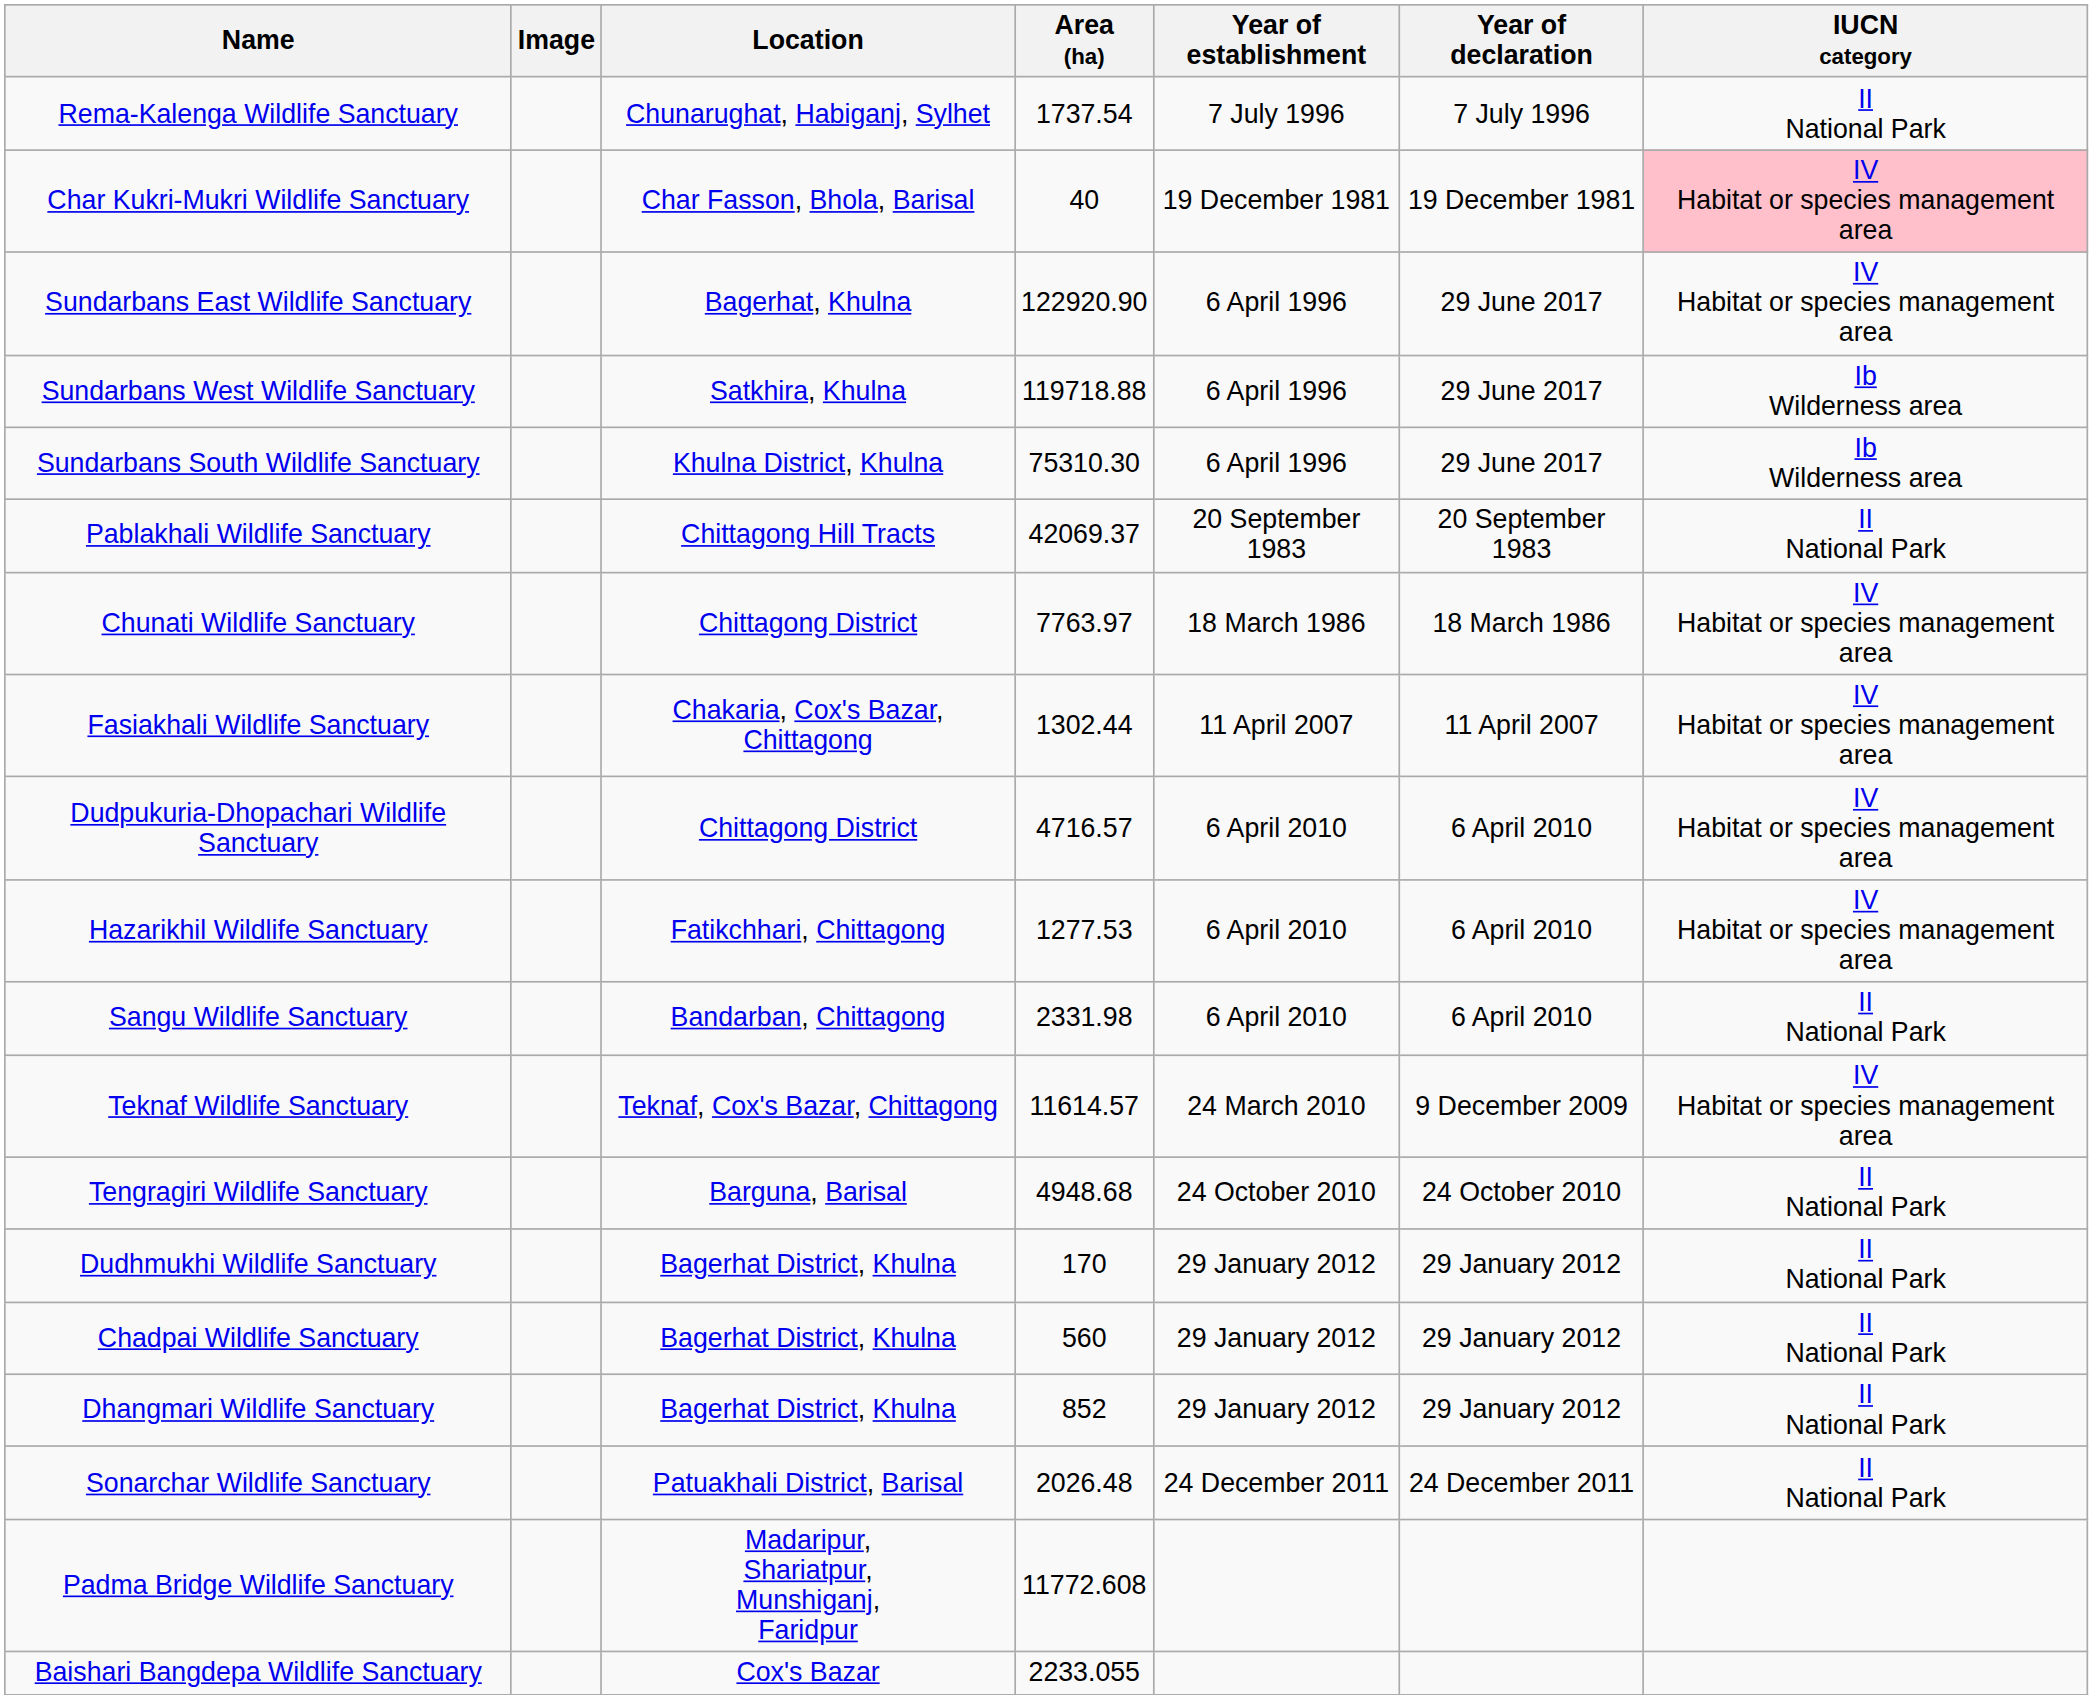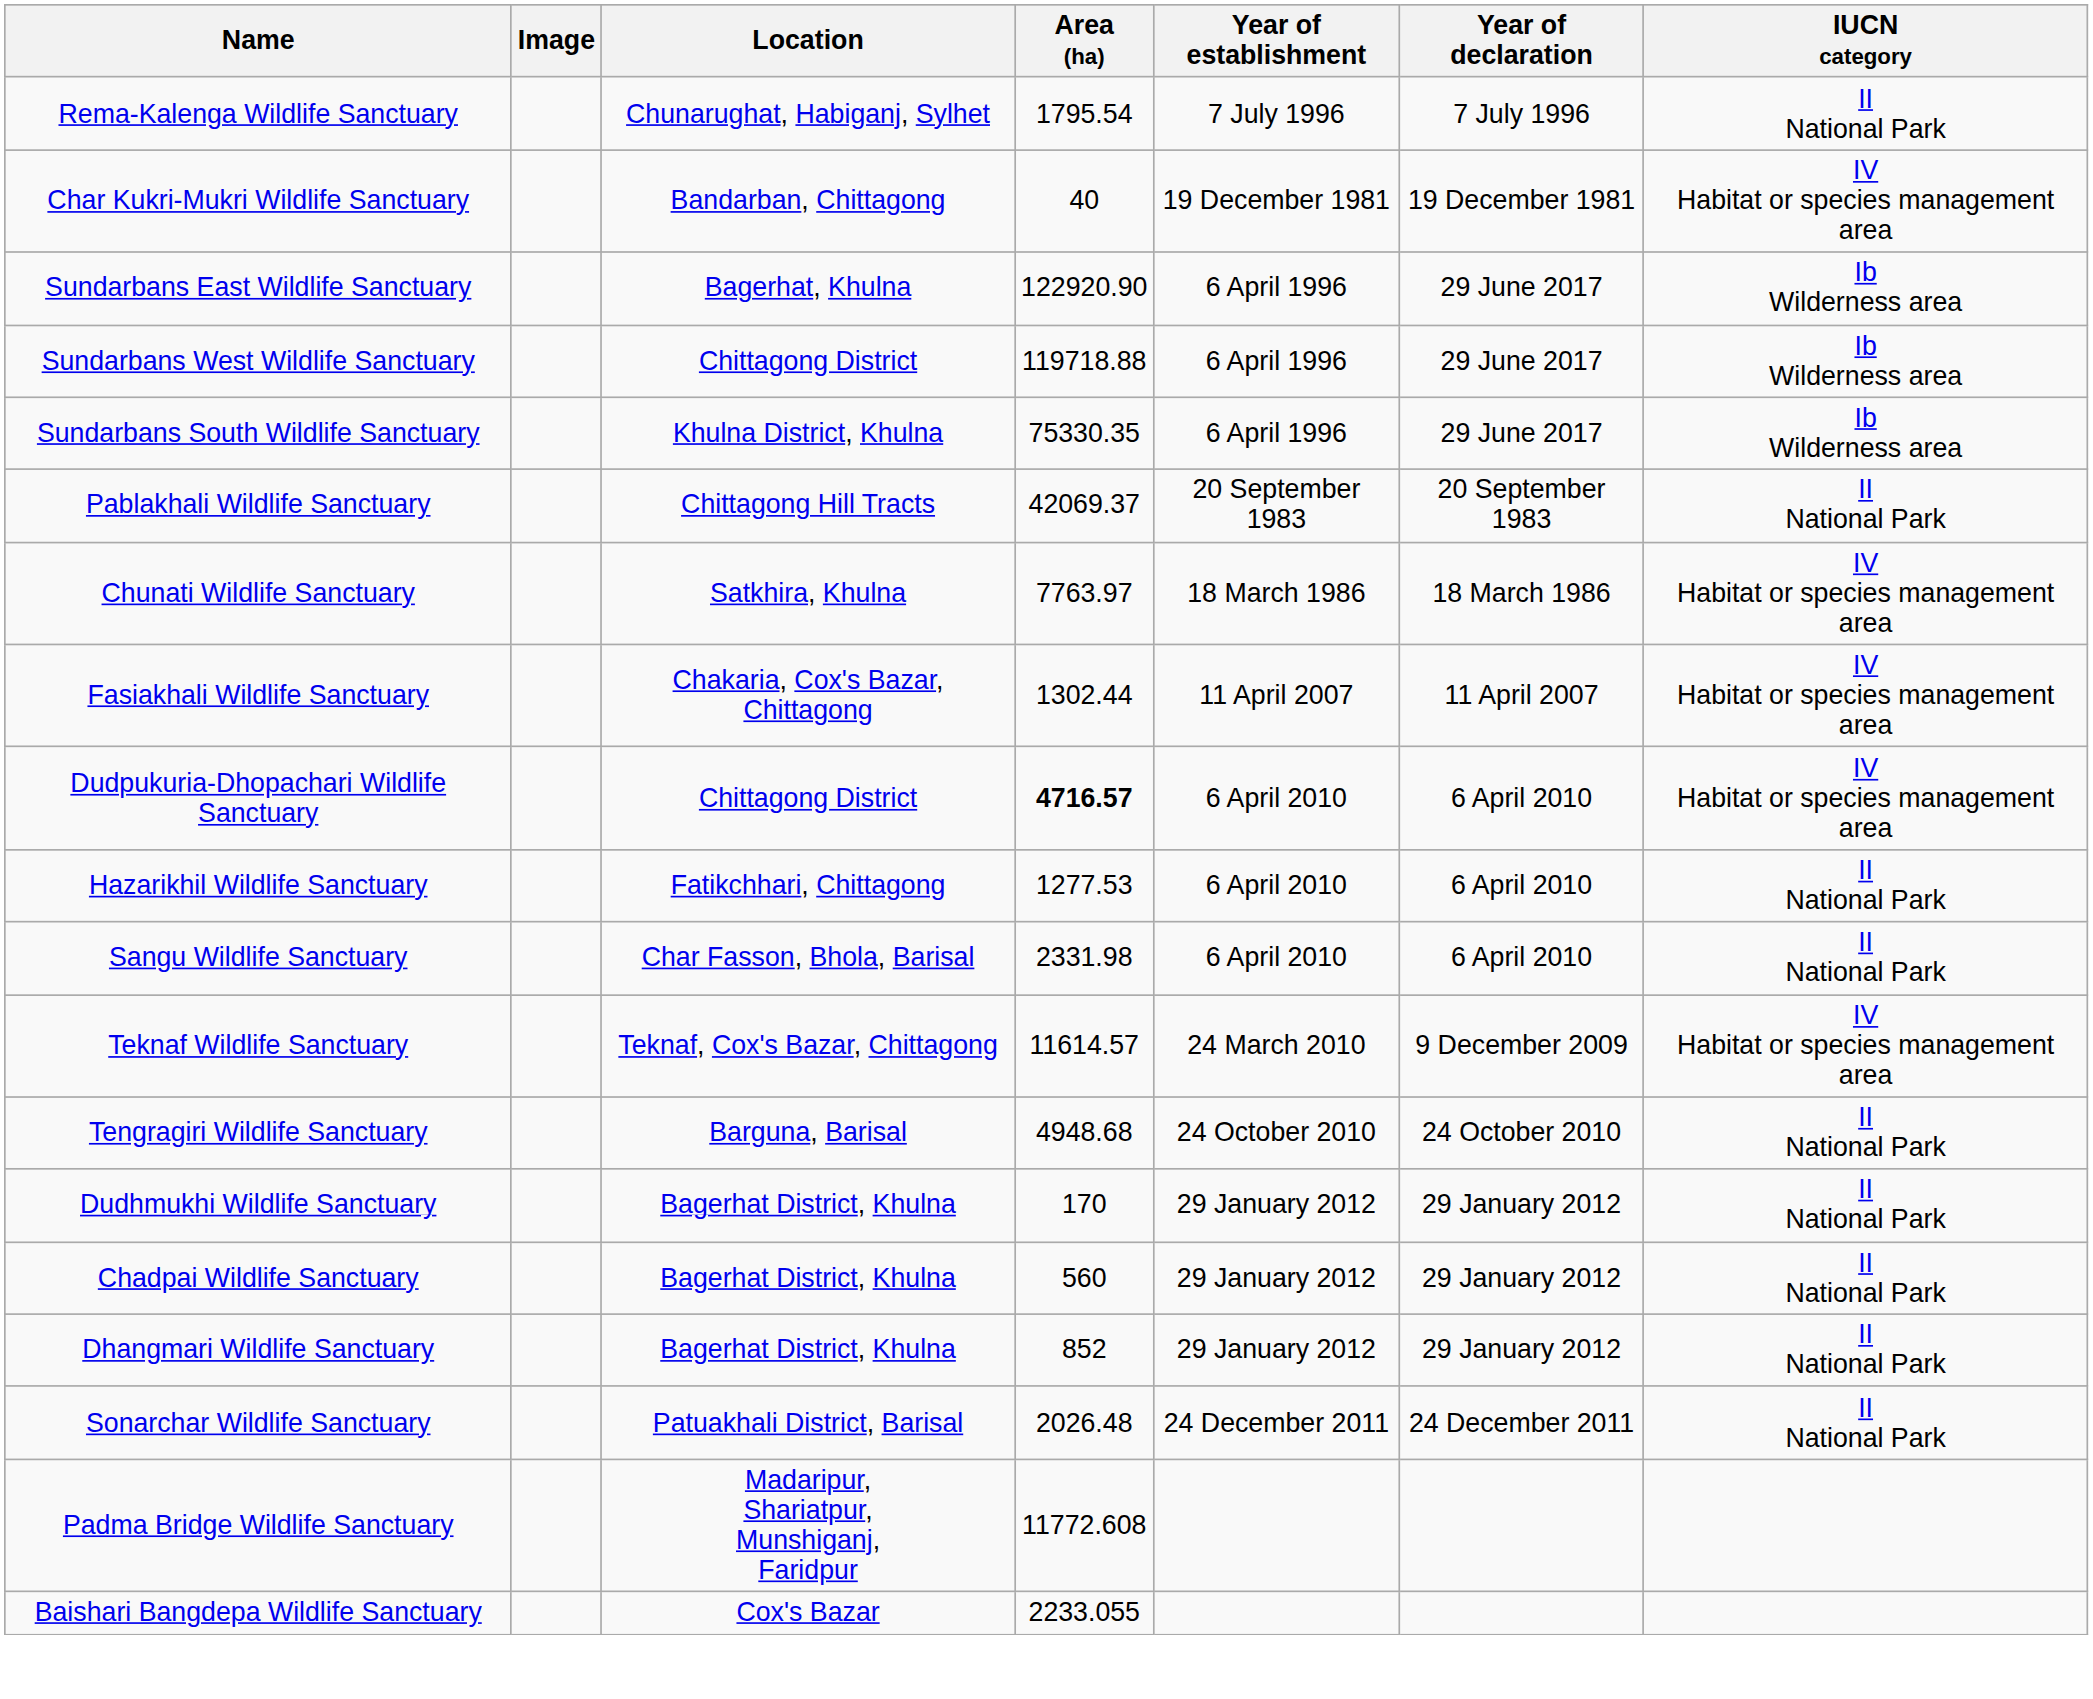 <table class="wikitable sortable sticky-header static-row-numbers static-row-header-hash" style="text-align:center">
 <tr>
 <th>Name</th>
 <th class="unsortable">Image</th>
 <th>Location</th>
 <th>Area<br><small>(ha)</small></th>
 <th>Year of<br>establishment</th>
 <th>Year of<br>declaration</th>
 <th>IUCN <br><small>category</small></th>
 </tr>
 <tr>
 <td><a href='#'>Rema-Kalenga Wildlife Sanctuary</a></td>
 <td></td>
 <td><a href='#'>Chunarughat</a>, <a href='#'>Habiganj</a>, <a href='#'>Sylhet</a></td>
-<td>1737.54</td>
+<td>1795.54</td>
 <td>7 July 1996</td>
 <td>7 July 1996</td>
 <td><a href='#'>II</a><br>National Park</td>
 </tr>
 <tr>
 <td><a href='#'>Char Kukri-Mukri Wildlife Sanctuary</a></td>
 <td></td>
-<td><a href='#'>Char Fasson</a>, <a href='#'>Bhola</a>, <a href='#'>Barisal</a></td>
+<td><a href='#'>Bandarban</a>, <a href='#'>Chittagong</a></td>
 <td>40</td>
 <td>19 December 1981</td>
 <td>19 December 1981</td>
-<td style="background: pink;"><a href='#'>IV</a><br>Habitat or species management area</td>
+<td><a href='#'>IV</a><br>Habitat or species management area</td>
 </tr>
 <tr>
 <td><a href='#'>Sundarbans East Wildlife Sanctuary</a></td>
 <td></td>
 <td><a href='#'>Bagerhat</a>, <a href='#'>Khulna</a></td>
 <td>122920.90</td>
 <td>6 April 1996</td>
 <td>29 June 2017</td>
-<td><a href='#'>IV</a><br>Habitat or species management area</td>
+<td><a href='#'>Ib</a><br>Wilderness area</td>
 </tr>
 <tr>
 <td><a href='#'>Sundarbans West Wildlife Sanctuary</a></td>
 <td></td>
-<td><a href='#'>Satkhira</a>, <a href='#'>Khulna</a></td>
+<td><a href='#'>Chittagong District</a></td>
 <td>119718.88</td>
 <td>6 April 1996</td>
 <td>29 June 2017</td>
 <td><a href='#'>Ib</a><br>Wilderness area</td>
 </tr>
 <tr>
 <td><a href='#'>Sundarbans South Wildlife Sanctuary</a></td>
 <td></td>
 <td><a href='#'>Khulna District</a>, <a href='#'>Khulna</a></td>
-<td>75310.30</td>
+<td>75330.35</td>
 <td>6 April 1996</td>
 <td>29 June 2017</td>
 <td><a href='#'>Ib</a><br>Wilderness area</td>
 </tr>
 <tr>
 <td><a href='#'>Pablakhali Wildlife Sanctuary</a></td>
 <td></td>
 <td><a href='#'>Chittagong Hill Tracts</a></td>
 <td>42069.37</td>
 <td>20 September 1983</td>
 <td>20 September 1983</td>
 <td><a href='#'>II</a><br>National Park</td>
 </tr>
 <tr>
 <td><a href='#'>Chunati Wildlife Sanctuary</a></td>
 <td></td>
-<td><a href='#'>Chittagong District</a></td>
+<td><a href='#'>Satkhira</a>, <a href='#'>Khulna</a></td>
 <td>7763.97</td>
 <td>18 March 1986</td>
 <td>18 March 1986</td>
 <td><a href='#'>IV</a><br>Habitat or species management area</td>
 </tr>
 <tr>
 <td><a href='#'>Fasiakhali Wildlife Sanctuary</a></td>
 <td></td>
 <td><a href='#'>Chakaria</a>, <a href='#'>Cox's Bazar</a>, <a href='#'>Chittagong</a></td>
 <td>1302.44</td>
 <td>11 April 2007</td>
 <td>11 April 2007</td>
 <td><a href='#'>IV</a><br>Habitat or species management area</td>
 </tr>
 <tr>
 <td><a href='#'>Dudpukuria-Dhopachari Wildlife Sanctuary</a></td>
 <td></td>
 <td><a href='#'>Chittagong District</a></td>
-<td>4716.57</td>
+<td><strong>4716.57</strong></td>
 <td>6 April 2010</td>
 <td>6 April 2010</td>
 <td><a href='#'>IV</a><br>Habitat or species management area</td>
 </tr>
 <tr>
 <td><a href='#'>Hazarikhil Wildlife Sanctuary</a></td>
 <td></td>
 <td><a href='#'>Fatikchhari</a>, <a href='#'>Chittagong</a></td>
 <td>1277.53</td>
 <td>6 April 2010</td>
 <td>6 April 2010</td>
-<td><a href='#'>IV</a><br>Habitat or species management area</td>
+<td><a href='#'>II</a><br>National Park</td>
 </tr>
 <tr>
 <td><a href='#'>Sangu Wildlife Sanctuary</a></td>
 <td></td>
-<td><a href='#'>Bandarban</a>, <a href='#'>Chittagong</a></td>
+<td><a href='#'>Char Fasson</a>, <a href='#'>Bhola</a>, <a href='#'>Barisal</a></td>
 <td>2331.98</td>
 <td>6 April 2010</td>
 <td>6 April 2010</td>
 <td><a href='#'>II</a><br>National Park</td>
 </tr>
 <tr>
 <td><a href='#'>Teknaf Wildlife Sanctuary</a></td>
 <td></td>
 <td><a href='#'>Teknaf</a>, <a href='#'>Cox's Bazar</a>, <a href='#'>Chittagong</a></td>
 <td>11614.57</td>
 <td>24 March 2010</td>
 <td>9 December 2009</td>
 <td><a href='#'>IV</a><br>Habitat or species management area</td>
 </tr>
 <tr>
 <td><a href='#'>Tengragiri Wildlife Sanctuary</a></td>
 <td></td>
 <td><a href='#'>Barguna</a>, <a href='#'>Barisal</a></td>
 <td>4948.68</td>
 <td>24 October 2010</td>
 <td>24 October 2010</td>
 <td><a href='#'>II</a><br>National Park</td>
 </tr>
 <tr>
 <td><a href='#'>Dudhmukhi Wildlife Sanctuary</a></td>
 <td></td>
 <td><a href='#'>Bagerhat District</a>, <a href='#'>Khulna</a></td>
 <td>170</td>
 <td>29 January 2012</td>
 <td>29 January 2012</td>
 <td><a href='#'>II</a><br>National Park</td>
 </tr>
 <tr>
 <td><a href='#'>Chadpai Wildlife Sanctuary</a></td>
 <td></td>
 <td><a href='#'>Bagerhat District</a>, <a href='#'>Khulna</a></td>
 <td>560</td>
 <td>29 January 2012</td>
 <td>29 January 2012</td>
 <td><a href='#'>II</a><br>National Park</td>
 </tr>
 <tr>
 <td><a href='#'>Dhangmari Wildlife Sanctuary</a></td>
 <td></td>
 <td><a href='#'>Bagerhat District</a>, <a href='#'>Khulna</a></td>
 <td>852</td>
 <td>29 January 2012</td>
 <td>29 January 2012</td>
 <td><a href='#'>II</a><br>National Park</td>
 </tr>
 <tr>
 <td><a href='#'>Sonarchar Wildlife Sanctuary</a></td>
 <td></td>
 <td><a href='#'>Patuakhali District</a>, <a href='#'>Barisal</a></td>
 <td>2026.48</td>
 <td>24 December 2011</td>
 <td>24 December 2011</td>
 <td><a href='#'>II</a><br>National Park</td>
 </tr>
 <tr>
 <td><a href='#'>Padma Bridge Wildlife Sanctuary</a></td>
 <td></td>
 <td><a href='#'>Madaripur</a>, <br><a href='#'>Shariatpur</a>, <br><a href='#'>Munshiganj</a>, <br><a href='#'>Faridpur</a></td>
 <td>11772.608</td>
 <td></td>
 <td></td>
 <td></td>
 </tr>
 <tr>
 <td><a href='#'>Baishari Bangdepa Wildlife Sanctuary</a></td>
 <td></td>
 <td><a href='#'>Cox's Bazar</a></td>
 <td>2233.055</td>
 <td></td>
 <td></td>
 <td></td>
 </tr>
 </table>
